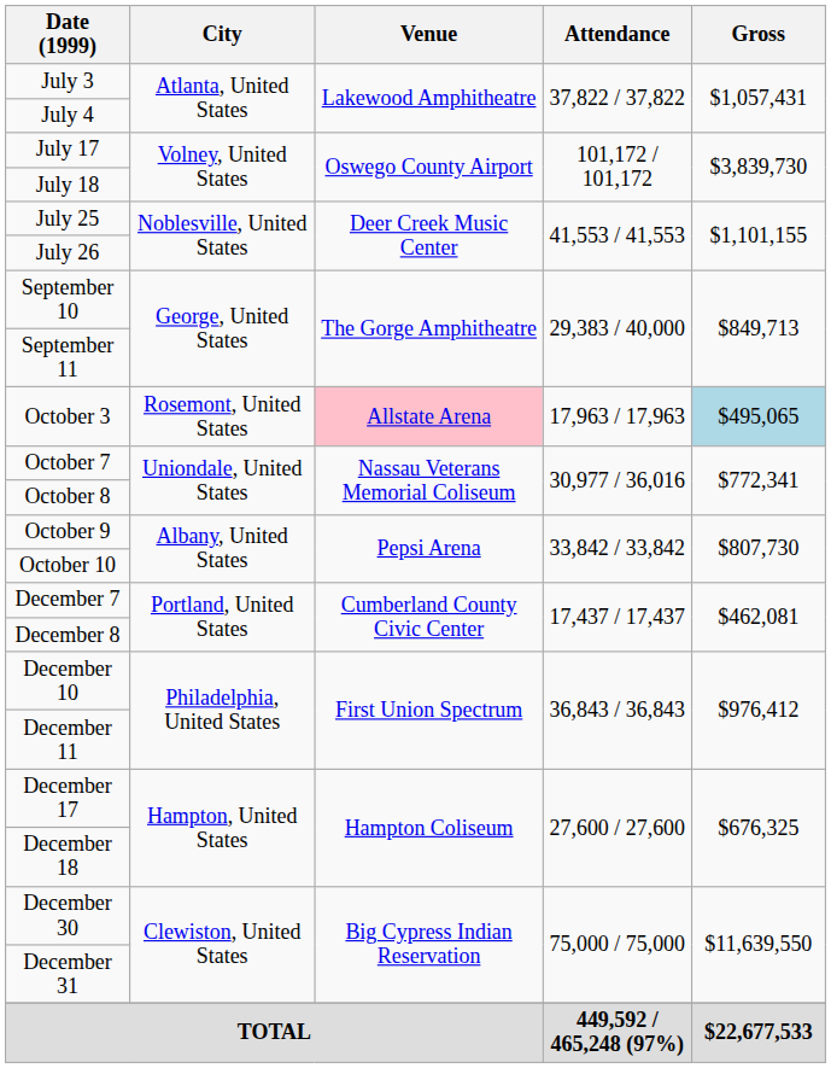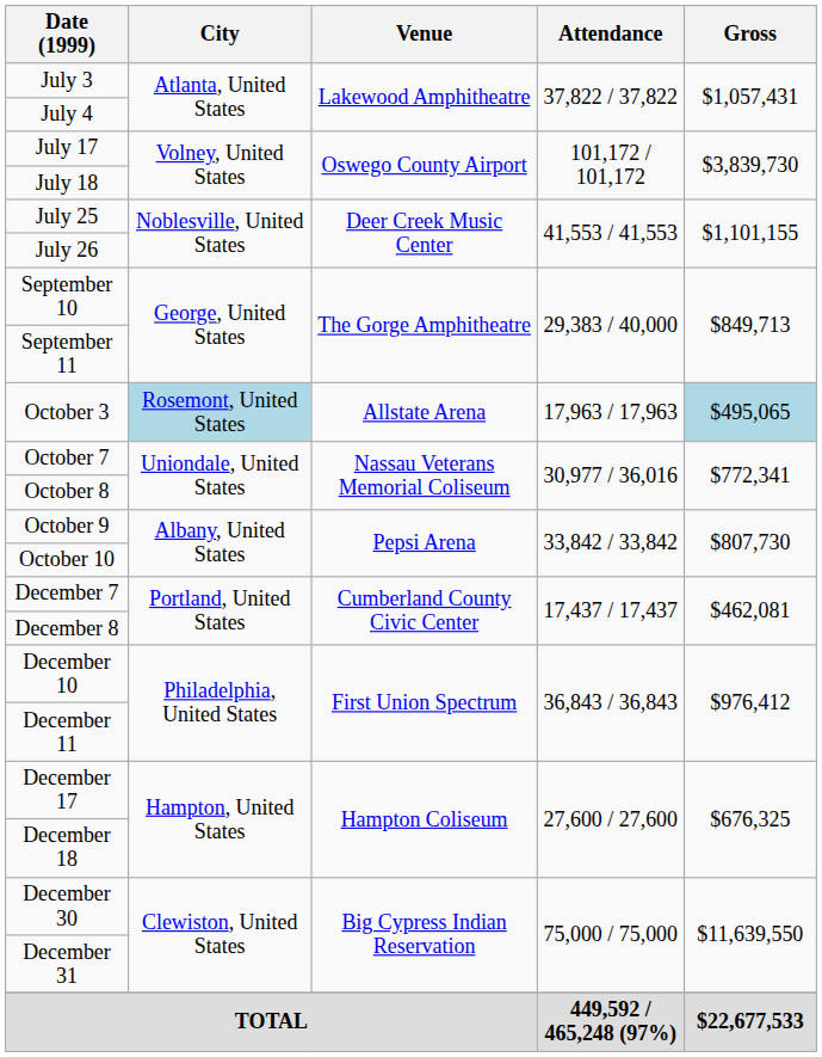 <table class="wikitable plainrowheaders" style="text-align:center;">
 <tr>
 <th scope="col" style="width:7em;">Date<br>(1999)</th>
 <th scope="col" style="width:13em;">City</th>
 <th scope="col" style="width:18em;">Venue</th>
 <th scope="col" style="width:9em;">Attendance</th>
 <th scope="col" style="width:7em;">Gross</th>
 </tr>
 <tr>
 <td>July 3</td>
 <td rowspan="2"><a href='#'>Atlanta</a>, United States</td>
 <td rowspan="2"><a href='#'>Lakewood Amphitheatre</a></td>
 <td rowspan="2">37,822 / 37,822</td>
 <td rowspan="2">$1,057,431</td>
 </tr>
 <tr>
 <td>July 4</td>
 </tr>
 <tr>
 <td>July 17</td>
 <td rowspan="2"><a href='#'>Volney</a>, United States</td>
 <td rowspan="2"><a href='#'>Oswego County Airport</a></td>
 <td rowspan="2">101,172 / 101,172</td>
 <td rowspan="2">$3,839,730</td>
 </tr>
 <tr>
 <td>July 18</td>
 </tr>
 <tr>
 <td>July 25</td>
 <td rowspan="2"><a href='#'>Noblesville</a>, United States</td>
 <td rowspan="2"><a href='#'>Deer Creek Music Center</a></td>
 <td rowspan="2">41,553 / 41,553</td>
 <td rowspan="2">$1,101,155</td>
 </tr>
 <tr>
 <td>July 26</td>
 </tr>
 <tr>
 <td>September 10</td>
 <td rowspan="2"><a href='#'>George</a>, United States</td>
 <td rowspan="2"><a href='#'>The Gorge Amphitheatre</a></td>
 <td rowspan="2">29,383 / 40,000</td>
 <td rowspan="2">$849,713</td>
 </tr>
 <tr>
 <td>September 11</td>
 </tr>
 <tr>
 <td>October 3</td>
-<td><a href='#'>Rosemont</a>, United States</td>
-<td style="background: pink;"><a href='#'>Allstate Arena</a></td>
+<td style="background: lightblue;"><a href='#'>Rosemont</a>, United States</td>
+<td><a href='#'>Allstate Arena</a></td>
 <td>17,963 / 17,963</td>
 <td style="background: lightblue;">$495,065</td>
 </tr>
 <tr>
 <td>October 7</td>
 <td rowspan="2"><a href='#'>Uniondale</a>, United States</td>
 <td rowspan="2"><a href='#'>Nassau Veterans Memorial Coliseum</a></td>
 <td rowspan="2">30,977 / 36,016</td>
 <td rowspan="2">$772,341</td>
 </tr>
 <tr>
 <td>October 8</td>
 </tr>
 <tr>
 <td>October 9</td>
 <td rowspan="2"><a href='#'>Albany</a>, United States</td>
 <td rowspan="2"><a href='#'>Pepsi Arena</a></td>
 <td rowspan="2">33,842 / 33,842</td>
 <td rowspan="2">$807,730</td>
 </tr>
 <tr>
 <td>October 10</td>
 </tr>
 <tr>
 <td>December 7</td>
 <td rowspan="2"><a href='#'>Portland</a>, United States</td>
 <td rowspan="2"><a href='#'>Cumberland County Civic Center</a></td>
 <td rowspan="2">17,437 / 17,437</td>
 <td rowspan="2">$462,081</td>
 </tr>
 <tr>
 <td>December 8</td>
 </tr>
 <tr>
 <td>December 10</td>
 <td rowspan="2"><a href='#'>Philadelphia</a>, United States</td>
 <td rowspan="2"><a href='#'>First Union Spectrum</a></td>
 <td rowspan="2">36,843 / 36,843</td>
 <td rowspan="2">$976,412</td>
 </tr>
 <tr>
 <td>December 11</td>
 </tr>
 <tr>
 <td>December 17</td>
 <td rowspan="2"><a href='#'>Hampton</a>, United States</td>
 <td rowspan="2"><a href='#'>Hampton Coliseum</a></td>
 <td rowspan="2">27,600 / 27,600</td>
 <td rowspan="2">$676,325</td>
 </tr>
 <tr>
 <td>December 18</td>
 </tr>
 <tr>
 <td>December 30</td>
 <td rowspan="2"><a href='#'>Clewiston</a>, United States</td>
 <td rowspan="2"><a href='#'>Big Cypress Indian Reservation</a></td>
 <td rowspan="2">75,000 / 75,000</td>
 <td rowspan="2">$11,639,550</td>
 </tr>
 <tr>
 <td>December 31</td>
 </tr>
 <tr>
 </tr>
 <tr style="background:#ddd;">
 <td colspan="3"><strong>TOTAL</strong></td>
 <td><strong>449,592 / 465,248 (97%)</strong></td>
 <td><strong>$22,677,533</strong></td>
 </tr>
 </table>
